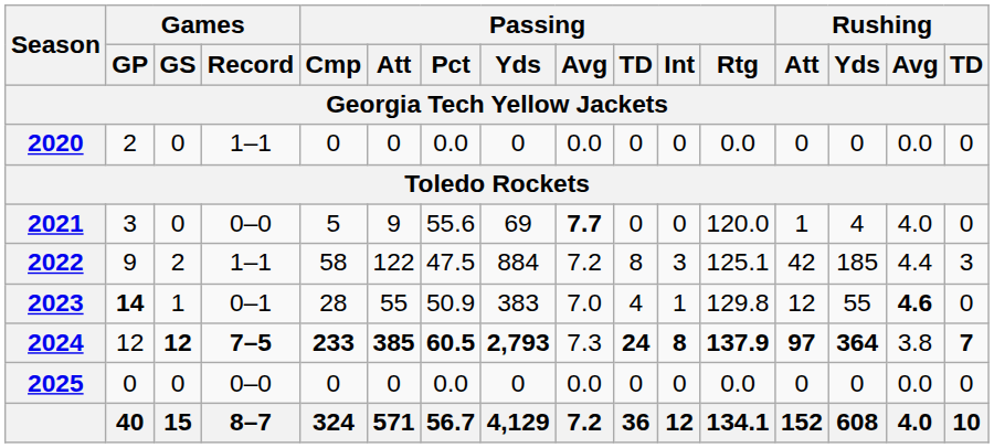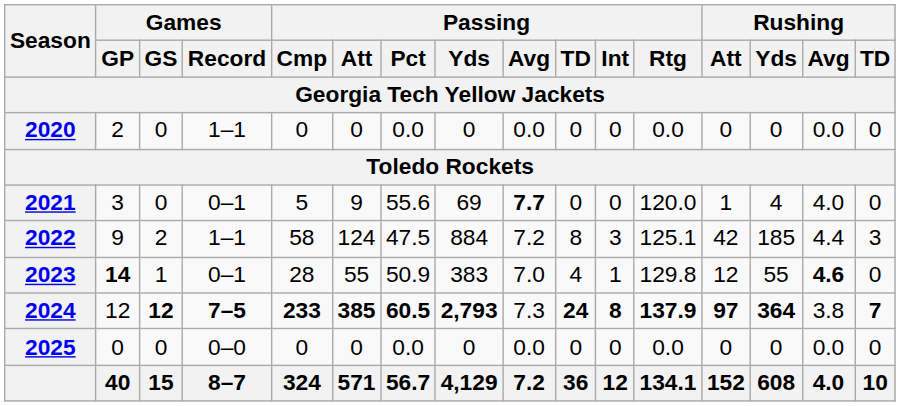 <table class="wikitable" style="text-align:center;">
 <tr>
 <th rowspan="2">Season</th>
 <th colspan="3">Games</th>
 <th colspan="8">Passing</th>
 <th colspan="5">Rushing</th>
 </tr>
 <tr>
 <th>GP</th>
 <th>GS</th>
 <th>Record</th>
 <th>Cmp</th>
 <th>Att</th>
 <th>Pct</th>
 <th>Yds</th>
 <th>Avg</th>
 <th>TD</th>
 <th>Int</th>
 <th>Rtg</th>
 <th>Att</th>
 <th>Yds</th>
 <th>Avg</th>
 <th>TD</th>
 </tr>
 <tr>
 <th colspan="16">Georgia Tech Yellow Jackets</th>
 </tr>
 <tr>
 <th><a href='#'>2020</a></th>
 <td>2</td>
 <td>0</td>
 <td>1–1</td>
 <td>0</td>
 <td>0</td>
 <td>0.0</td>
 <td>0</td>
 <td>0.0</td>
 <td>0</td>
 <td>0</td>
 <td>0.0</td>
 <td>0</td>
 <td>0</td>
 <td>0.0</td>
 <td>0</td>
 </tr>
 <tr>
 <th colspan="16">Toledo Rockets</th>
 </tr>
 <tr>
 <th><a href='#'>2021</a></th>
 <td>3</td>
 <td>0</td>
-<td>0–0</td>
+<td>0–1</td>
 <td>5</td>
 <td>9</td>
 <td>55.6</td>
 <td>69</td>
 <td><strong>7.7</strong></td>
 <td>0</td>
 <td>0</td>
 <td>120.0</td>
 <td>1</td>
 <td>4</td>
 <td>4.0</td>
 <td>0</td>
 </tr>
 <tr>
 <th><a href='#'>2022</a></th>
 <td>9</td>
 <td>2</td>
 <td>1–1</td>
 <td>58</td>
-<td>122</td>
+<td>124</td>
 <td>47.5</td>
 <td>884</td>
 <td>7.2</td>
 <td>8</td>
 <td>3</td>
 <td>125.1</td>
 <td>42</td>
 <td>185</td>
 <td>4.4</td>
 <td>3</td>
 </tr>
 <tr>
 <th><a href='#'>2023</a></th>
 <td><strong>14</strong></td>
 <td>1</td>
 <td>0–1</td>
 <td>28</td>
 <td>55</td>
 <td>50.9</td>
 <td>383</td>
 <td>7.0</td>
 <td>4</td>
 <td>1</td>
 <td>129.8</td>
 <td>12</td>
 <td>55</td>
 <td><strong>4.6</strong></td>
 <td>0</td>
 </tr>
 <tr>
 <th><a href='#'>2024</a></th>
 <td>12</td>
 <td><strong>12</strong></td>
 <td><strong>7–5</strong></td>
 <td><strong>233</strong></td>
 <td><strong>385</strong></td>
 <td><strong>60.5</strong></td>
 <td><strong>2,793</strong></td>
 <td>7.3</td>
 <td><strong>24</strong></td>
 <td><strong>8</strong></td>
 <td><strong>137.9</strong></td>
 <td><strong>97</strong></td>
 <td><strong>364</strong></td>
 <td>3.8</td>
 <td><strong>7</strong></td>
 </tr>
 <tr>
 <th><a href='#'>2025</a></th>
 <td>0</td>
 <td>0</td>
 <td>0–0</td>
 <td>0</td>
 <td>0</td>
 <td>0.0</td>
 <td>0</td>
 <td>0.0</td>
 <td>0</td>
 <td>0</td>
 <td>0.0</td>
 <td>0</td>
 <td>0</td>
 <td>0.0</td>
 <td>0</td>
 </tr>
 <tr>
 <th></th>
 <th>40</th>
 <th>15</th>
 <th>8–7</th>
 <th>324</th>
 <th>571</th>
 <th>56.7</th>
 <th>4,129</th>
 <th>7.2</th>
 <th>36</th>
 <th>12</th>
 <th>134.1</th>
 <th>152</th>
 <th>608</th>
 <th>4.0</th>
 <th>10</th>
 </tr>
 </table>
